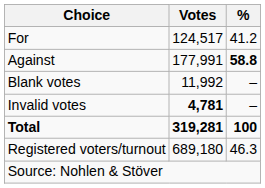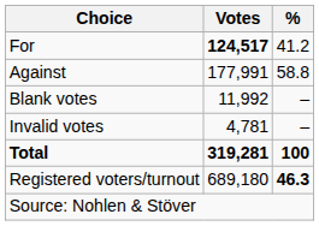 <table class=wikitable style=text-align:right>
 <tr>
 <th>Choice</th>
 <th>Votes</th>
 <th>%</th>
 </tr>
 <tr>
 <td align=left>For</td>
-<td>124,517</td>
+<td><strong>124,517</strong></td>
 <td>41.2</td>
 </tr>
 <tr>
 <td align=left>Against</td>
 <td>177,991</td>
-<td><strong>58.8</strong></td>
+<td>58.8</td>
 </tr>
 <tr>
 <td align=left>Blank votes</td>
 <td>11,992</td>
 <td>–</td>
 </tr>
 <tr>
 <td align=left>Invalid votes</td>
-<td><strong>4,781</strong></td>
+<td>4,781</td>
 <td>–</td>
 </tr>
 <tr>
 <td align=left><strong>Total</strong></td>
 <td><strong>319,281</strong></td>
 <td><strong>100</strong></td>
 </tr>
 <tr>
 <td align=left>Registered voters/turnout</td>
 <td>689,180</td>
-<td>46.3</td>
+<td><strong>46.3</strong></td>
 </tr>
 <tr>
 <td align=left colspan=3>Source: Nohlen & Stöver</td>
 </tr>
 </table>
